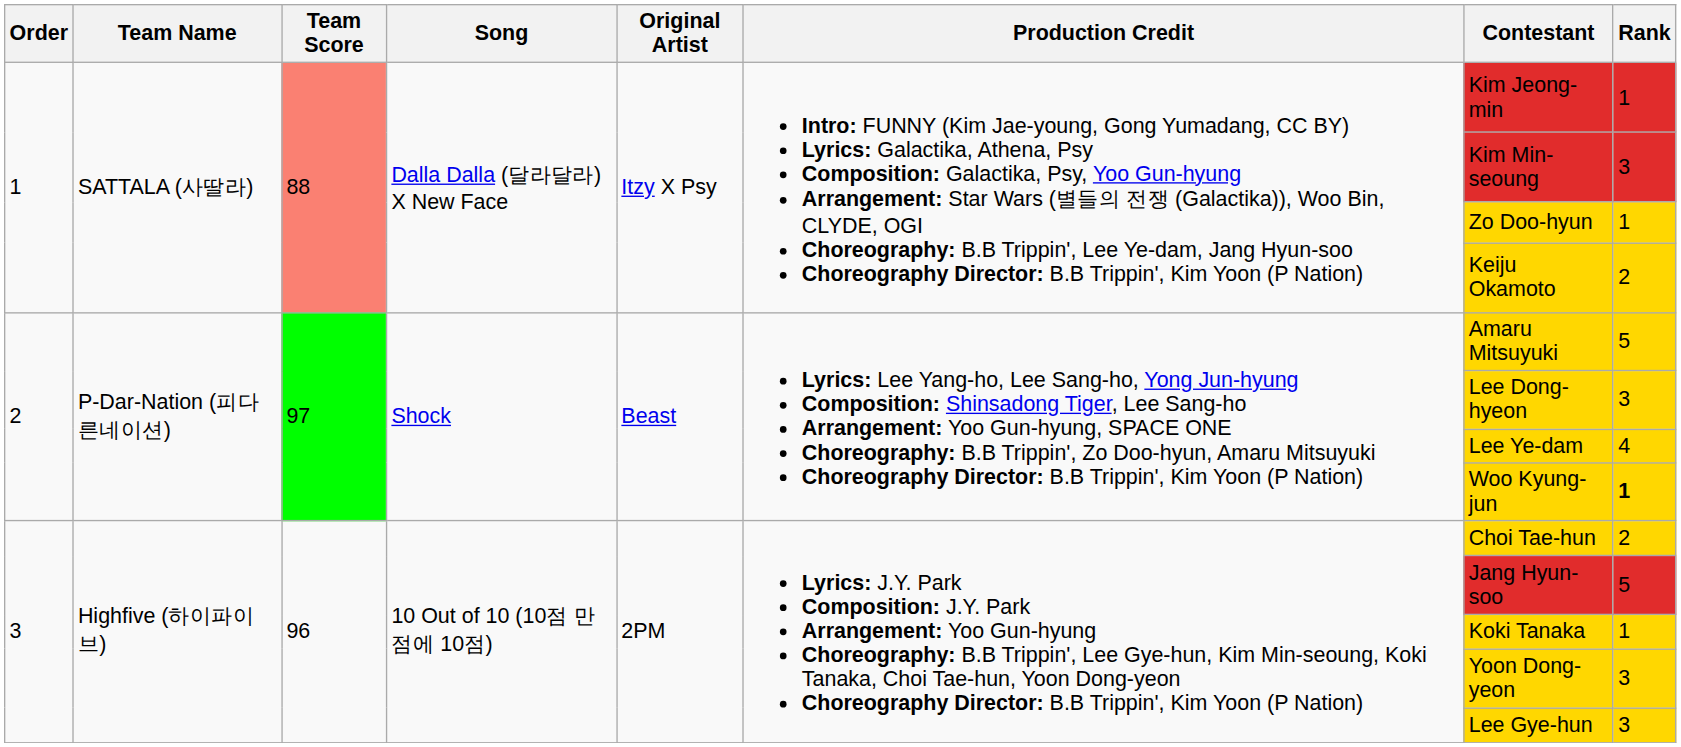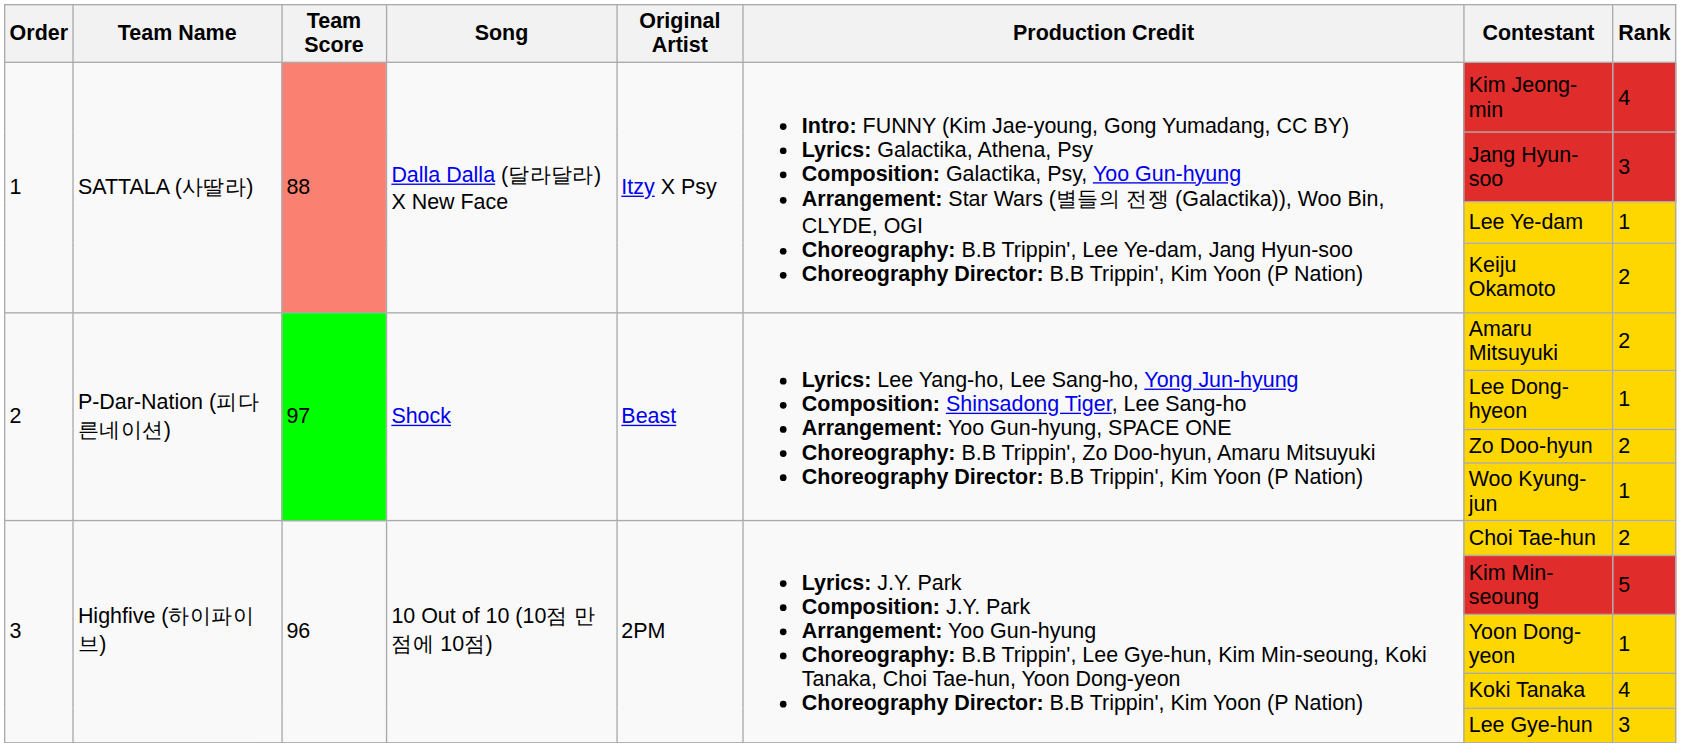 <table class="wikitable">
 <tr>
 <th>Order</th>
 <th>Team Name</th>
 <th>Team Score</th>
 <th>Song</th>
 <th>Original Artist</th>
 <th>Production Credit</th>
 <th>Contestant</th>
 <th>Rank</th>
 </tr>
 <tr>
 <td rowspan="4">1</td>
 <td rowspan="4">SATTALA (사딸라)</td>
 <td rowspan="4" style="background:salmon;">88</td>
 <td rowspan="4"><a href='#'>Dalla Dalla</a> (달라달라) X New Face</td>
 <td rowspan="4"><a href='#'>Itzy</a> X Psy</td>
 <td rowspan="4"><br><ul><li><strong>Intro:</strong> FUNNY (Kim Jae-young, Gong Yumadang, CC BY)</li><li><strong>Lyrics:</strong> Galactika, Athena, Psy</li><li><strong>Composition:</strong> Galactika, Psy, <a href='#'>Yoo Gun-hyung</a></li><li><strong>Arrangement:</strong> Star Wars (별들의 전쟁 (Galactika)), Woo Bin, CLYDE, OGI</li><li><strong>Choreography:</strong> B.B Trippin', Lee Ye-dam, Jang Hyun-soo</li><li><strong>Choreography Director:</strong> B.B Trippin', Kim Yoon (P Nation)</li></ul></td>
 <td style="background:#E12C2C;">Kim Jeong-min</td>
-<td style="background:#E12C2C;">1</td>
+<td style="background:#E12C2C;">4</td>
 </tr>
 <tr style="background:#E12C2C;">
-<td>Kim Min-seoung</td>
+<td>Jang Hyun-soo</td>
 <td>3</td>
 </tr>
 <tr style="background:#FFD700;">
-<td>Zo Doo-hyun</td>
+<td>Lee Ye-dam</td>
 <td>1</td>
 </tr>
 <tr style="background:#FFD700;">
 <td>Keiju Okamoto</td>
 <td>2</td>
 </tr>
 <tr>
 <td rowspan="4">2</td>
 <td rowspan="4">P-Dar-Nation (피다른네이션)</td>
 <td rowspan="4" style="background:#00FF00;">97</td>
 <td rowspan="4"><a href='#'>Shock</a></td>
 <td rowspan="4"><a href='#'>Beast</a></td>
 <td rowspan="4"><br><ul><li><strong>Lyrics:</strong> Lee Yang-ho, Lee Sang-ho, <a href='#'>Yong Jun-hyung</a></li><li><strong>Composition:</strong> <a href='#'>Shinsadong Tiger</a>, Lee Sang-ho</li><li><strong>Arrangement:</strong> Yoo Gun-hyung, SPACE ONE</li><li><strong>Choreography:</strong> B.B Trippin', Zo Doo-hyun, Amaru Mitsuyuki</li><li><strong>Choreography Director:</strong> B.B Trippin', Kim Yoon (P Nation)</li></ul></td>
 <td style="background:#FFD700;">Amaru Mitsuyuki</td>
-<td style="background:#FFD700;">5</td>
+<td style="background:#FFD700;">2</td>
 </tr>
 <tr style="background:#FFD700;">
 <td>Lee Dong-hyeon</td>
-<td>3</td>
+<td>1</td>
 </tr>
 <tr style="background:#FFD700;">
-<td>Lee Ye-dam</td>
-<td>4</td>
+<td>Zo Doo-hyun</td>
+<td>2</td>
 </tr>
 <tr style="background:#FFD700;">
 <td>Woo Kyung-jun</td>
-<td><strong>1</strong></td>
+<td>1</td>
 </tr>
 <tr>
 <td rowspan="5">3</td>
 <td rowspan="5">Highfive (하이파이브)</td>
 <td rowspan="5">96</td>
 <td rowspan="5">10 Out of 10 (10점 만점에 10점)</td>
 <td rowspan="5">2PM</td>
 <td rowspan="5"><br><ul><li><strong>Lyrics:</strong> J.Y. Park</li><li><strong>Composition:</strong> J.Y. Park</li><li><strong>Arrangement:</strong> Yoo Gun-hyung</li><li><strong>Choreography:</strong> B.B Trippin', Lee Gye-hun, Kim Min-seoung, Koki Tanaka, Choi Tae-hun, Yoon Dong-yeon</li><li><strong>Choreography Director:</strong> B.B Trippin', Kim Yoon (P Nation)</li></ul></td>
 <td style="background:#FFD700;">Choi Tae-hun</td>
 <td style="background:#FFD700;">2</td>
 </tr>
 <tr style="background:#E12C2C;">
-<td>Jang Hyun-soo</td>
+<td>Kim Min-seoung</td>
 <td>5</td>
 </tr>
 <tr style="background:#FFD700;">
-<td>Koki Tanaka</td>
+<td>Yoon Dong-yeon</td>
 <td>1</td>
 </tr>
 <tr style="background:#FFD700;">
-<td>Yoon Dong-yeon</td>
-<td>3</td>
+<td>Koki Tanaka</td>
+<td>4</td>
 </tr>
 <tr style="background:#FFD700;">
 <td>Lee Gye-hun</td>
 <td>3</td>
 </tr>
 <tr>
 </tr>
 </table>
